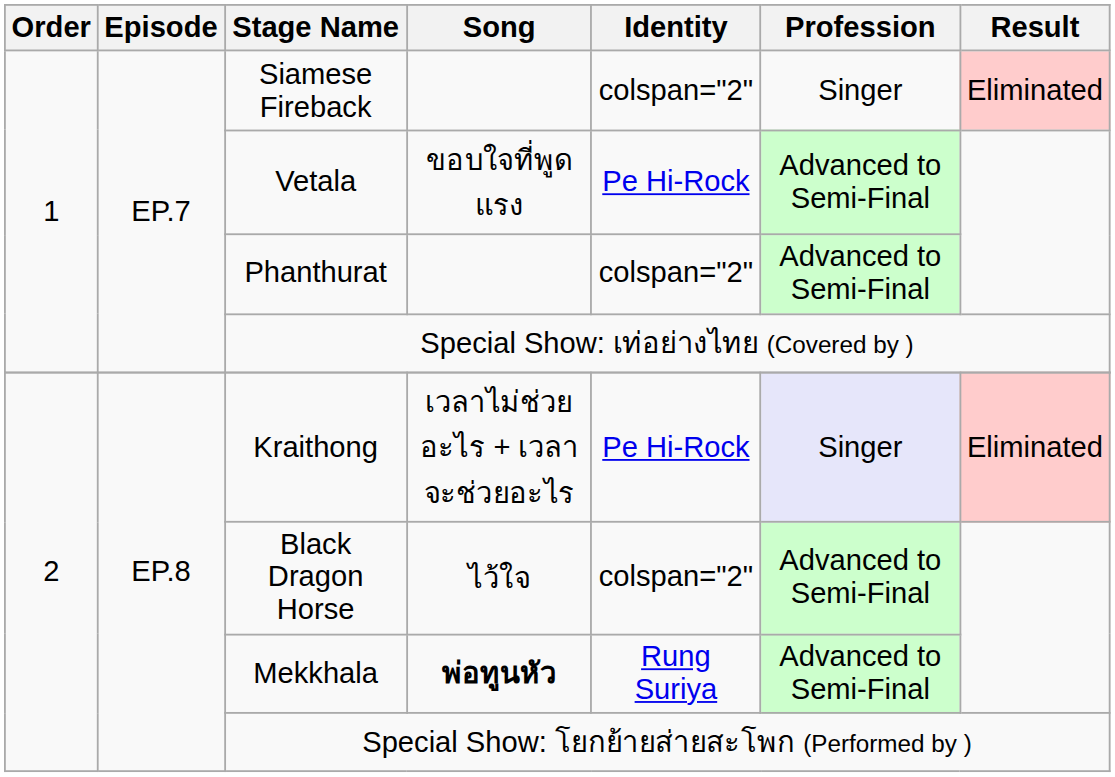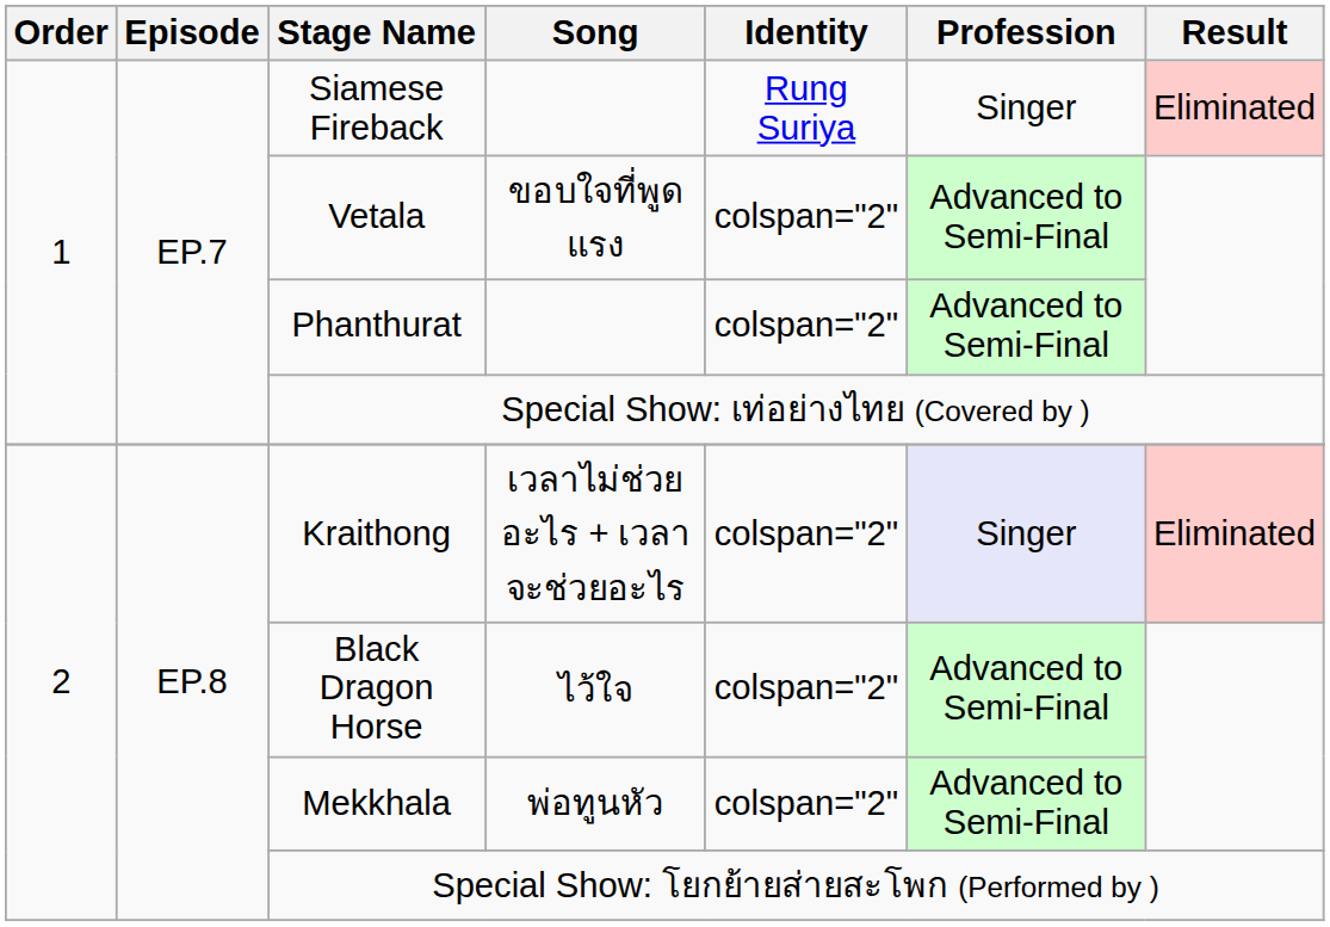 <table class="wikitable" style="text-align:center">
 <tr>
 <th>Order</th>
 <th>Episode</th>
 <th>Stage Name</th>
 <th>Song</th>
 <th>Identity</th>
 <th>Profession</th>
 <th>Result</th>
 </tr>
 <tr>
 <td rowspan="4">1</td>
 <td rowspan="4">EP.7</td>
 <td>Siamese Fireback</td>
 <td></td>
-<td>colspan="2"  </td>
+<td><a href='#'>Rung Suriya</a></td>
 <td>Singer</td>
 <td style="text-align:center; background:#ffcccc;">Eliminated</td>
 </tr>
 <tr>
 <td>Vetala</td>
 <td>ขอบใจที่พูดแรง</td>
-<td><a href='#'>Pe Hi-Rock</a></td>
+<td>colspan="2"  </td>
 <td style="text-align:center; background:#ccffcc;">Advanced to Semi-Final</td>
 </tr>
 <tr>
 <td>Phanthurat</td>
 <td></td>
 <td>colspan="2"  </td>
 <td style="text-align:center; background:#ccffcc;">Advanced to Semi-Final</td>
 </tr>
 <tr>
 <td colspan="5">Special Show: เท่อย่างไทย <small>(Covered by )</small></td>
 </tr>
 <tr>
 </tr>
 <tr>
 </tr>
 <tr>
 </tr>
 <tr>
 </tr>
 <tr>
 <td rowspan="4">2</td>
 <td rowspan="4">EP.8</td>
 <td>Kraithong</td>
 <td>เวลาไม่ช่วยอะไร + เวลาจะช่วยอะไร</td>
-<td><a href='#'>Pe Hi-Rock</a></td>
+<td>colspan="2"  </td>
 <td style="background: lavender;">Singer</td>
 <td style="text-align:center; background:#ffcccc;">Eliminated</td>
 </tr>
 <tr>
 <td>Black Dragon Horse</td>
 <td>ไว้ใจ</td>
 <td>colspan="2"  </td>
 <td style="text-align:center; background:#ccffcc;">Advanced to Semi-Final</td>
 </tr>
 <tr>
 <td>Mekkhala</td>
-<td><strong>พ่อทูนหัว</strong></td>
-<td><a href='#'>Rung Suriya</a></td>
+<td>พ่อทูนหัว</td>
+<td>colspan="2"  </td>
 <td style="text-align:center; background:#ccffcc;">Advanced to Semi-Final</td>
 </tr>
 <tr>
 <td colspan="5">Special Show: โยกย้ายส่ายสะโพก <small>(Performed by )</small></td>
 </tr>
 </table>
